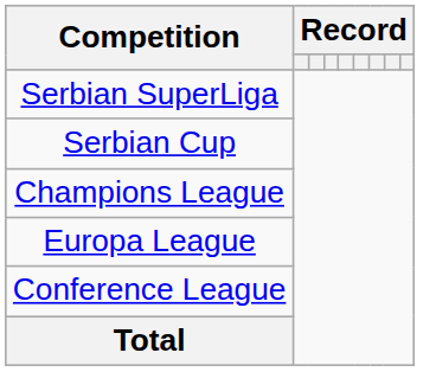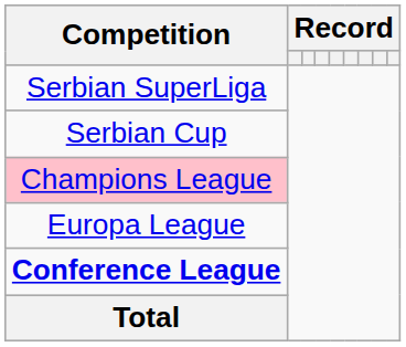 <table class="wikitable" style="text-align: center">
 <tr>
 <th rowspan=2>Competition</th>
 <th colspan=8>Record</th>
 </tr>
 <tr>
 <th></th>
 <th></th>
 <th></th>
 <th></th>
 <th></th>
 <th></th>
 <th></th>
 <th></th>
 </tr>
 <tr>
 <td><a href='#'>Serbian SuperLiga</a><br></td>
 </tr>
 <tr>
 <td><a href='#'>Serbian Cup</a><br></td>
 </tr>
 <tr>
-<td><a href='#'>Champions League</a><br></td>
+<td style="background: pink;"><a href='#'>Champions League</a><br></td>
 </tr>
 <tr>
 <td><a href='#'>Europa League</a><br></td>
 </tr>
 <tr>
-<td><a href='#'>Conference League</a><br></td>
+<td><strong><a href='#'>Conference League</a><br></strong></td>
 </tr>
 <tr>
 <th>Total<br></th>
 </tr>
 </table>
